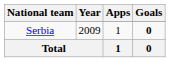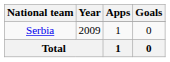 <table class="wikitable" style="text-align:center">
 <tr>
 <th>National team</th>
 <th>Year</th>
 <th>Apps</th>
 <th>Goals</th>
 </tr>
 <tr>
 <td rowspan="2"><a href='#'>Serbia</a></td>
 </tr>
 <tr>
 <td>2009</td>
 <td>1</td>
-<td><strong>0</strong></td>
+<td>0</td>
 </tr>
 <tr>
 <th colspan=2>Total</th>
 <th>1</th>
 <th>0</th>
 </tr>
 </table>
